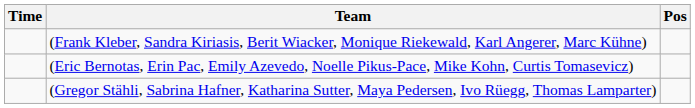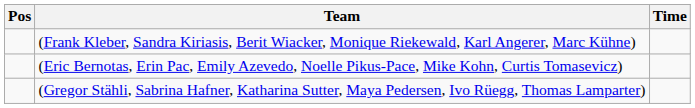 <table class="wikitable">
 <tr>
+<th>Pos</th>
+<th>Team</th>
 <th>Time</th>
-<th>Team</th>
-<th>Pos</th>
 </tr>
 <tr>
 <td></td>
 <td> (<a href='#'>Frank Kleber</a>, <a href='#'>Sandra Kiriasis</a>, <a href='#'>Berit Wiacker</a>, <a href='#'>Monique Riekewald</a>, <a href='#'>Karl Angerer</a>, <a href='#'>Marc Kühne</a>)</td>
 <td></td>
 </tr>
 <tr>
 <td></td>
 <td> (<a href='#'>Eric Bernotas</a>, <a href='#'>Erin Pac</a>, <a href='#'>Emily Azevedo</a>, <a href='#'>Noelle Pikus-Pace</a>, <a href='#'>Mike Kohn</a>, <a href='#'>Curtis Tomasevicz</a>)</td>
 <td></td>
 </tr>
 <tr>
 <td></td>
 <td> (<a href='#'>Gregor Stähli</a>, <a href='#'>Sabrina Hafner</a>, <a href='#'>Katharina Sutter</a>, <a href='#'>Maya Pedersen</a>, <a href='#'>Ivo Rüegg</a>, <a href='#'>Thomas Lamparter</a>)</td>
 <td></td>
 </tr>
 </table>
